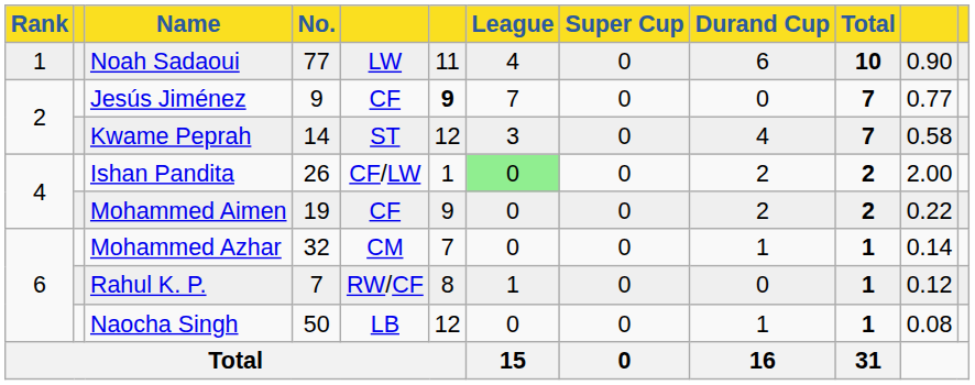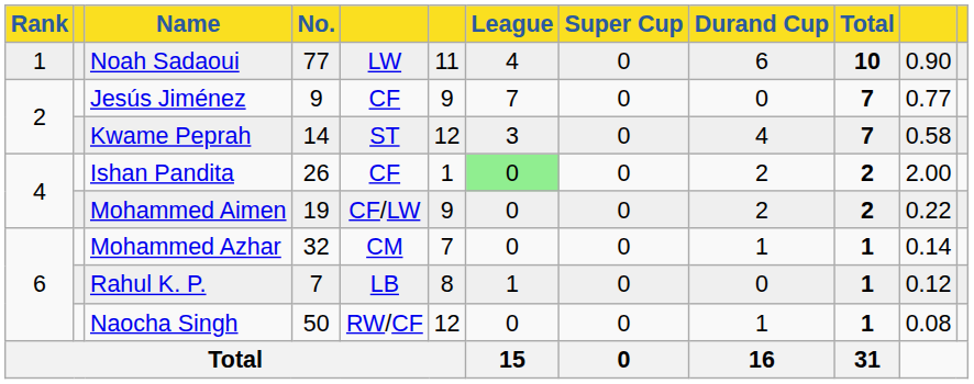 <table class="wikitable sortable" style="font-size: 95%; text-align:center">
 <tr>
 <th style="background:#FADF20; color:#2A5AA1; text-align:center;">Rank</th>
 <th style="background:#FADF20; color:#2A5AA1; text-align:center;"></th>
 <th style="background:#FADF20; color:#2A5AA1; text-align:center;">Name</th>
 <th style="background:#FADF20; color:#2A5AA1; text-align:center;">No.</th>
 <th style="background:#FADF20; color:#2A5AA1; text-align:center;"></th>
 <th style="background:#FADF20; color:#2A5AA1; text-align:center;"></th>
 <th style="background:#FADF20; color:#2A5AA1; text-align:center;">League</th>
 <th style="background:#FADF20; color:#2A5AA1; text-align:center;">Super Cup</th>
 <th style="background:#FADF20; color:#2A5AA1; text-align:center;">Durand Cup</th>
 <th style="background:#FADF20; color:#2A5AA1; text-align:center;">Total</th>
 <th style="background:#FADF20; color:#2A5AA1; text-align:center;"></th>
 <th style="background:#FADF20; color:#2A5AA1; text-align:center;"></th>
 </tr>
 <tr bgcolor="#EFEFEF">
 <td>1</td>
 <td></td>
 <td style="text-align:left;"><a href='#'>Noah Sadaoui</a></td>
 <td>77</td>
 <td><a href='#'>LW</a></td>
 <td>11</td>
 <td>4</td>
 <td>0</td>
 <td>6</td>
 <td><strong>10</strong></td>
 <td>0.90</td>
 <td></td>
 </tr>
 <tr>
 <td rowspan="2">2</td>
 <td></td>
 <td style="text-align:left;"><a href='#'>Jesús Jiménez</a></td>
 <td>9</td>
 <td><a href='#'>CF</a></td>
-<td><strong>9</strong></td>
+<td>9</td>
 <td>7</td>
 <td>0</td>
 <td>0</td>
 <td><strong>7</strong></td>
 <td>0.77</td>
 <td></td>
 </tr>
 <tr bgcolor="#EFEFEF">
 <td></td>
 <td style="text-align:left;"><a href='#'>Kwame Peprah</a></td>
 <td>14</td>
 <td><a href='#'>ST</a></td>
 <td>12</td>
 <td>3</td>
 <td>0</td>
 <td>4</td>
 <td><strong>7</strong></td>
 <td>0.58</td>
 <td></td>
 </tr>
 <tr>
 <td rowspan="2">4</td>
 <td></td>
 <td style="text-align:left;"><a href='#'>Ishan Pandita</a></td>
 <td>26</td>
-<td><a href='#'>CF</a>/<a href='#'>LW</a></td>
+<td><a href='#'>CF</a></td>
 <td>1</td>
 <td style="background: lightgreen;">0</td>
 <td>0</td>
 <td>2</td>
 <td><strong>2</strong></td>
 <td>2.00</td>
 <td></td>
 </tr>
 <tr bgcolor="#EFEFEF">
 <td></td>
 <td style="text-align:left;"><a href='#'>Mohammed Aimen</a></td>
 <td>19</td>
-<td><a href='#'>CF</a></td>
+<td><a href='#'>CF</a>/<a href='#'>LW</a></td>
 <td>9</td>
 <td>0</td>
 <td>0</td>
 <td>2</td>
 <td><strong>2</strong></td>
 <td>0.22</td>
 <td></td>
 </tr>
 <tr>
 <td rowspan="3">6</td>
 <td></td>
 <td style="text-align:left;"><a href='#'>Mohammed Azhar</a></td>
 <td>32</td>
 <td><a href='#'>CM</a></td>
 <td>7</td>
 <td>0</td>
 <td>0</td>
 <td>1</td>
 <td><strong>1</strong></td>
 <td>0.14</td>
 <td></td>
 </tr>
 <tr bgcolor="#EFEFEF">
 <td></td>
 <td style="text-align:left;"><a href='#'>Rahul K. P.</a></td>
 <td>7</td>
-<td><a href='#'>RW</a>/<a href='#'>CF</a></td>
+<td><a href='#'>LB</a></td>
 <td>8</td>
 <td>1</td>
 <td>0</td>
 <td>0</td>
 <td><strong>1</strong></td>
 <td>0.12</td>
 <td></td>
 </tr>
 <tr>
 <td></td>
 <td style="text-align:left;"><a href='#'>Naocha Singh</a></td>
 <td>50</td>
-<td><a href='#'>LB</a></td>
+<td><a href='#'>RW</a>/<a href='#'>CF</a></td>
 <td>12</td>
 <td>0</td>
 <td>0</td>
 <td>1</td>
 <td><strong>1</strong></td>
 <td>0.08</td>
 <td></td>
 </tr>
 <tr>
 <th colspan="6">Total</th>
 <th>15</th>
 <th>0</th>
 <th>16</th>
 <th>31</th>
 <td colspan="2"></td>
 </tr>
 </table>
